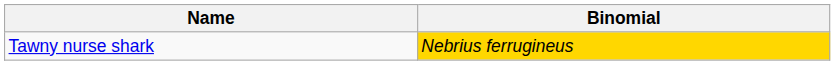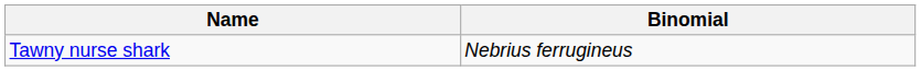 <table width=60% class="wikitable">
 <tr>
 <th width=20%>Name</th>
 <th width=20%>Binomial</th>
 </tr>
 <tr>
 <td><a href='#'>Tawny nurse shark</a><br></td>
-<td style="background: gold;"><em>Nebrius ferrugineus</em></td>
+<td><em>Nebrius ferrugineus</em></td>
 </tr>
 </table>
